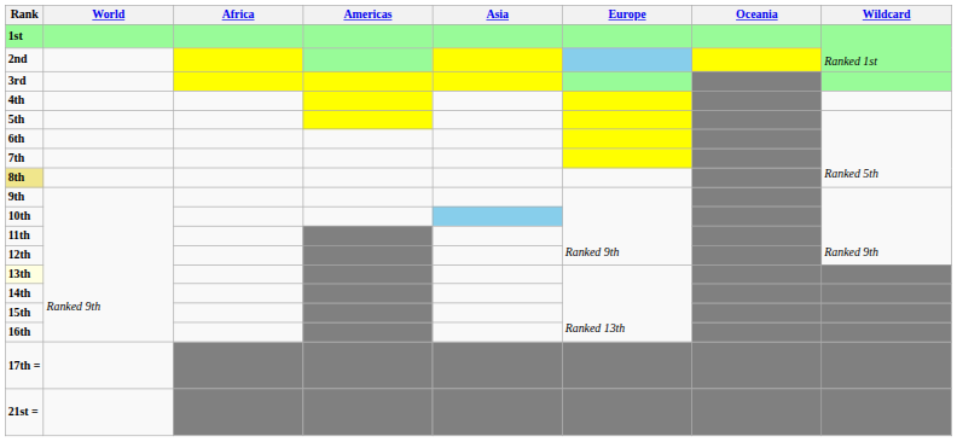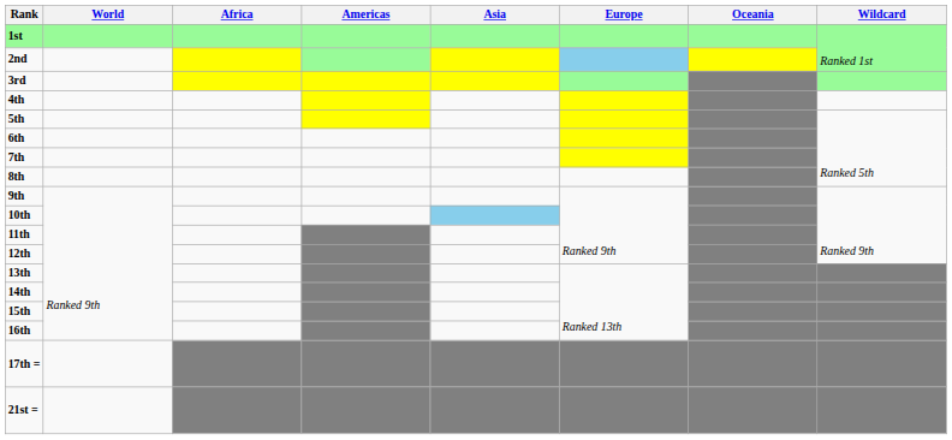 <table class=wikitable  style="font-size:92%;">
 <tr>
 <th width=4%>Rank</th>
 <th width=13.5%><a href='#'>World</a></th>
 <th width=13.5%><a href='#'>Africa</a></th>
 <th width=13.5%><a href='#'>Americas</a></th>
 <th width=13.5%><a href='#'>Asia</a></th>
 <th width=13.5%><a href='#'>Europe</a></th>
 <th width=13.5%><a href='#'>Oceania</a></th>
 <th width=13.5%><a href='#'>Wildcard</a></th>
 </tr>
 <tr bgcolor="#98fb98">
 <td><strong>1st</strong></td>
 <td></td>
 <td></td>
 <td></td>
 <td></td>
 <td></td>
 <td></td>
 <td rowspan=2><br><br><em>Ranked 1st</em></td>
 </tr>
 <tr>
 <td><strong>2nd</strong></td>
 <td></td>
 <td bgcolor=yellow></td>
 <td bgcolor=#98fb98></td>
 <td bgcolor=yellow></td>
 <td bgcolor=skyblue></td>
 <td bgcolor=yellow></td>
 </tr>
 <tr>
 <td><strong>3rd</strong></td>
 <td></td>
 <td bgcolor=yellow></td>
 <td bgcolor=yellow></td>
 <td bgcolor=yellow></td>
 <td bgcolor=#98fb98></td>
 <td bgcolor=gray></td>
 <td bgcolor="#98fb98"></td>
 </tr>
 <tr>
 <td><strong>4th</strong></td>
 <td></td>
 <td></td>
 <td bgcolor=yellow></td>
 <td></td>
 <td bgcolor=yellow></td>
 <td bgcolor=gray></td>
 <td></td>
 </tr>
 <tr>
 <td><strong>5th</strong></td>
 <td></td>
 <td></td>
 <td bgcolor=yellow></td>
 <td></td>
 <td bgcolor=yellow></td>
 <td bgcolor=gray></td>
 <td rowspan=4 valign=top><br><br><br><br><em>Ranked 5th</em></td>
 </tr>
 <tr>
 <td><strong>6th</strong></td>
 <td></td>
 <td></td>
 <td></td>
 <td></td>
 <td bgcolor=yellow></td>
 <td bgcolor=gray></td>
 </tr>
 <tr>
 <td><strong>7th</strong></td>
 <td></td>
 <td></td>
 <td></td>
 <td></td>
 <td bgcolor=yellow></td>
 <td bgcolor=gray></td>
 </tr>
 <tr>
-<td style="background: khaki;"><strong>8th</strong></td>
+<td><strong>8th</strong></td>
 <td></td>
 <td></td>
 <td></td>
 <td></td>
 <td></td>
 <td bgcolor=gray></td>
 </tr>
 <tr>
 <td><strong>9th</strong></td>
 <td rowspan=8 valign=top><br><br><br><br><br><br><br><br><em>Ranked 9th</em></td>
 <td></td>
 <td></td>
 <td></td>
 <td rowspan=4 valign=top><br><br><br><br><em>Ranked 9th</em></td>
 <td bgcolor=gray></td>
 <td rowspan=4 valign=top><br><br><br><br><em>Ranked 9th</em></td>
 </tr>
 <tr>
 <td><strong>10th</strong></td>
 <td></td>
 <td></td>
 <td bgcolor=skyblue></td>
 <td bgcolor=gray></td>
 </tr>
 <tr>
 <td><strong>11th</strong></td>
 <td></td>
 <td bgcolor=gray></td>
 <td></td>
 <td bgcolor=gray></td>
 </tr>
 <tr>
 <td><strong>12th</strong></td>
 <td></td>
 <td bgcolor=gray></td>
 <td></td>
 <td bgcolor=gray></td>
 </tr>
 <tr>
-<td style="background: lightyellow;"><strong>13th</strong></td>
+<td><strong>13th</strong></td>
 <td></td>
 <td bgcolor=gray></td>
 <td></td>
 <td rowspan=4 valign=top><br><br><br><br><em>Ranked 13th</em></td>
 <td bgcolor=gray></td>
 <td bgcolor=gray></td>
 </tr>
 <tr>
 <td><strong>14th</strong></td>
 <td></td>
 <td bgcolor=gray></td>
 <td></td>
 <td bgcolor=gray></td>
 <td bgcolor=gray></td>
 </tr>
 <tr>
 <td><strong>15th</strong></td>
 <td></td>
 <td bgcolor=gray></td>
 <td></td>
 <td bgcolor=gray></td>
 <td bgcolor=gray></td>
 </tr>
 <tr>
 <td><strong>16th</strong></td>
 <td></td>
 <td bgcolor=gray></td>
 <td></td>
 <td bgcolor=gray></td>
 <td bgcolor=gray></td>
 </tr>
 <tr>
 <td><strong>17th =</strong></td>
 <td><br><br><br></td>
 <td bgcolor=gray></td>
 <td bgcolor=gray></td>
 <td bgcolor=gray></td>
 <td bgcolor=gray></td>
 <td bgcolor=gray></td>
 <td bgcolor=gray></td>
 </tr>
 <tr>
 <td><strong>21st =</strong></td>
 <td><br><br><br></td>
 <td bgcolor=gray></td>
 <td bgcolor=gray></td>
 <td bgcolor=gray></td>
 <td bgcolor=gray></td>
 <td bgcolor=gray></td>
 <td bgcolor=gray></td>
 </tr>
 </table>
